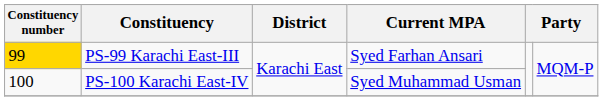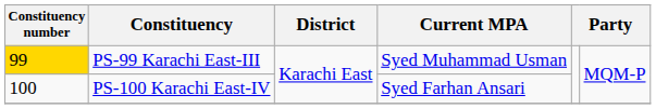 <table class="wikitable">
 <tr>
 <th width="50px" style="font-size:75%">Constituency number</th>
 <th>Constituency</th>
 <th>District</th>
 <th>Current MPA</th>
 <th colspan="2">Party</th>
 </tr>
 <tr>
 <td style="background: gold;">99</td>
 <td><a href='#'>PS-99 Karachi East-III</a></td>
 <td rowspan="2"><a href='#'>Karachi East</a></td>
-<td><a href='#'>Syed Farhan Ansari</a></td>
+<td><a href='#'>Syed Muhammad Usman</a></td>
 <td rowspan="2"></td>
 <td rowspan="2"><a href='#'>MQM-P</a></td>
 </tr>
 <tr>
 <td>100</td>
 <td><a href='#'>PS-100 Karachi East-IV</a></td>
-<td><a href='#'>Syed Muhammad Usman</a></td>
+<td><a href='#'>Syed Farhan Ansari</a></td>
 </tr>
 <tr>
 </tr>
 </table>
